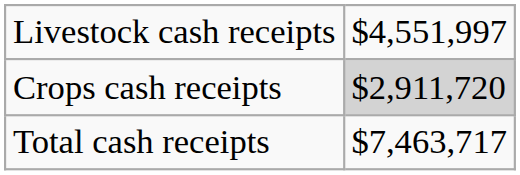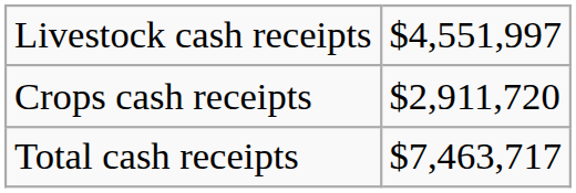 <table class="wikitable">
 <tr>
 <td>Livestock cash receipts</td>
 <td>$4,551,997</td>
 </tr>
 <tr>
 <td>Crops cash receipts</td>
-<td style="background: lightgrey;">$2,911,720</td>
+<td>$2,911,720</td>
 </tr>
 <tr>
 <td>Total cash receipts</td>
 <td>$7,463,717</td>
 </tr>
 </table>
